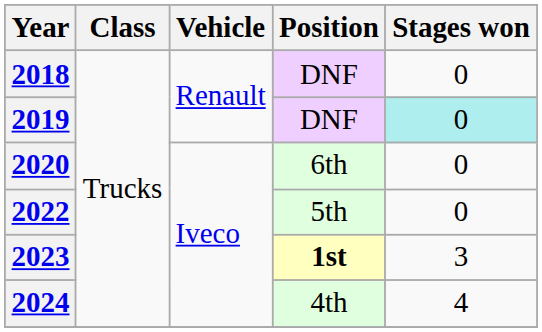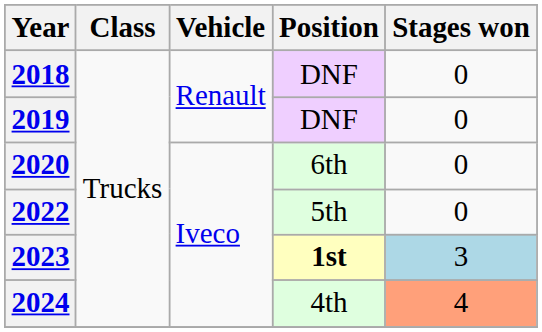 <table class="wikitable">
 <tr>
 <th>Year</th>
 <th>Class</th>
 <th>Vehicle</th>
 <th>Position</th>
 <th>Stages won</th>
 </tr>
 <tr>
 <th><a href='#'>2018</a></th>
 <td rowspan=6>Trucks</td>
 <td rowspan=2> <a href='#'>Renault</a></td>
 <td align="center" style="background:#EFCFFF;">DNF</td>
 <td align="center">0</td>
 </tr>
 <tr>
 <th><a href='#'>2019</a></th>
 <td align="center" style="background:#EFCFFF;">DNF</td>
-<td align="center" style="background: paleturquoise;">0</td>
+<td align="center">0</td>
 </tr>
 <tr>
 <th><a href='#'>2020</a></th>
 <td rowspan=4> <a href='#'>Iveco</a></td>
 <td align="center" style="background:#DFFFDF;">6th</td>
 <td align="center">0</td>
 </tr>
 <tr>
 <th><a href='#'>2022</a></th>
 <td align="center" style="background:#DFFFDF;">5th</td>
 <td align="center">0</td>
 </tr>
 <tr>
 <th><a href='#'>2023</a></th>
 <td align="center" style="background:#FFFFBF;"><strong>1st</strong></td>
-<td align="center">3</td>
+<td align="center" style="background: lightblue;">3</td>
 </tr>
 <tr>
 <th><a href='#'>2024</a></th>
 <td align="center" style="background:#DFFFDF;">4th</td>
-<td align="center">4</td>
+<td align="center" style="background: lightsalmon;">4</td>
 </tr>
 <tr>
 </tr>
 </table>
